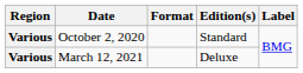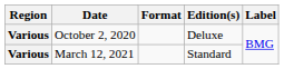 <table class="wikitable plainrowheaders">
 <tr>
 <th>Region</th>
 <th>Date</th>
 <th>Format</th>
 <th>Edition(s)</th>
 <th>Label</th>
 </tr>
 <tr>
 <th scope="row">Various</th>
 <td>October 2, 2020</td>
 <td></td>
-<td>Standard</td>
+<td>Deluxe</td>
 <td rowspan="2"><a href='#'>BMG</a></td>
 </tr>
 <tr>
 <th scope="row">Various</th>
 <td>March 12, 2021</td>
 <td></td>
-<td>Deluxe</td>
+<td>Standard</td>
 </tr>
 </table>
